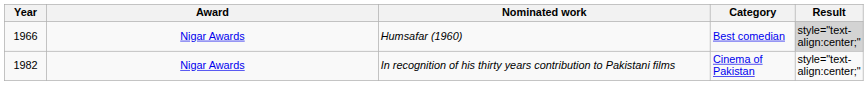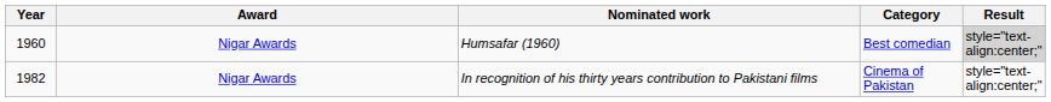 <table class="wikitable sortable" width=100%>
 <tr>
 <th width=5%>Year</th>
 <th style="width:40%;">Award</th>
 <th style="width:40%;">Nominated work</th>
 <th style="width:10%;">Category</th>
 <th width=5%>Result</th>
 </tr>
 <tr>
-<td style="text-align:center;">1966</td>
+<td style="text-align:center;">1960</td>
 <td style="text-align:center;"><a href='#'>Nigar Awards</a></td>
 <td style="text-align:left;"><em>Humsafar (1960)</em></td>
 <td><a href='#'>Best comedian</a></td>
 <td style="background: lightgrey;">style="text-align:center;"</td>
 </tr>
 <tr>
 <td style="text-align:center;">1982</td>
 <td style="text-align:center;"><a href='#'>Nigar Awards</a></td>
 <td style="text-align:left;"><em>In recognition of his thirty years contribution to Pakistani films</em></td>
 <td><a href='#'>Cinema of Pakistan</a></td>
 <td>style="text-align:center;"</td>
 </tr>
 </table>
